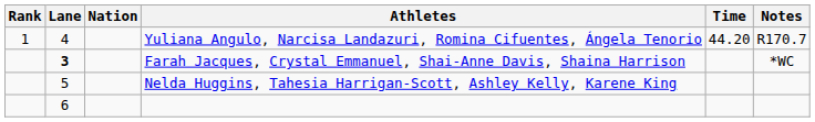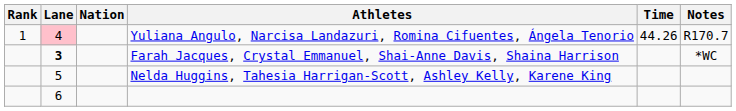 <table class="wikitable sortable" style="text-align:center">
 <tr>
 <th>Rank</th>
 <th>Lane</th>
 <th>Nation</th>
 <th>Athletes</th>
 <th>Time</th>
 <th>Notes</th>
 </tr>
 <tr>
 <td>1</td>
-<td>4</td>
+<td style="background: pink;">4</td>
 <td align=left></td>
 <td align=left><a href='#'>Yuliana Angulo</a>, <a href='#'>Narcisa Landazuri</a>, <a href='#'>Romina Cifuentes</a>, <a href='#'>Ángela Tenorio</a></td>
-<td>44.20</td>
+<td>44.26</td>
 <td>R170.7</td>
 </tr>
 <tr>
 <td></td>
 <td><strong>3</strong></td>
 <td align=left></td>
 <td align=left><a href='#'>Farah Jacques</a>, <a href='#'>Crystal Emmanuel</a>, <a href='#'>Shai-Anne Davis</a>, <a href='#'>Shaina Harrison</a></td>
 <td></td>
 <td>*WC</td>
 </tr>
 <tr>
 <td></td>
 <td>5</td>
 <td align=left></td>
 <td align=left><a href='#'>Nelda Huggins</a>, <a href='#'>Tahesia Harrigan-Scott</a>, <a href='#'>Ashley Kelly</a>, <a href='#'>Karene King</a></td>
 <td></td>
 <td></td>
 </tr>
 <tr>
 <td></td>
 <td>6</td>
 <td align=left></td>
 <td align=left></td>
 <td></td>
 <td></td>
 </tr>
 </table>
